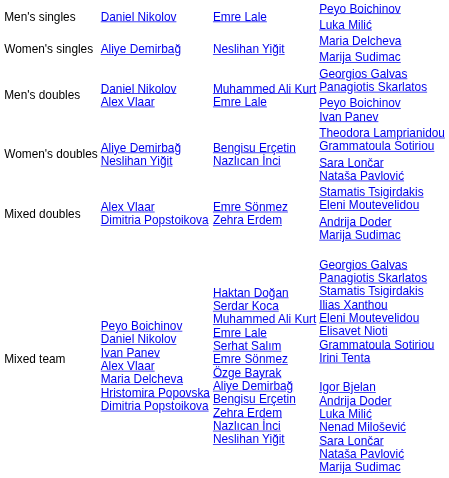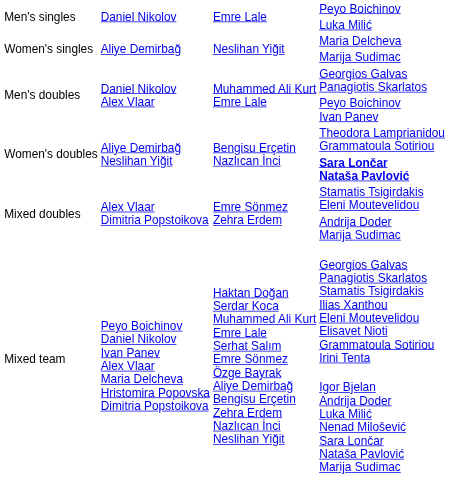 <table>
 <tr>
 <td rowspan="2">Men's singles</td>
 <td rowspan="2"> <a href='#'>Daniel Nikolov</a></td>
 <td rowspan="2"> <a href='#'>Emre Lale</a></td>
 <td> <a href='#'>Peyo Boichinov</a></td>
 </tr>
 <tr>
 <td> <a href='#'>Luka Milić</a></td>
 </tr>
 <tr>
 <td rowspan="2">Women's singles</td>
 <td rowspan="2"> <a href='#'>Aliye Demirbağ</a></td>
 <td rowspan="2"> <a href='#'>Neslihan Yiğit</a></td>
 <td> <a href='#'>Maria Delcheva</a></td>
 </tr>
 <tr>
 <td> <a href='#'>Marija Sudimac</a></td>
 </tr>
 <tr>
 <td rowspan="2">Men's doubles</td>
 <td rowspan="2"> <a href='#'>Daniel Nikolov</a><br> <a href='#'>Alex Vlaar</a></td>
 <td rowspan="2"> <a href='#'>Muhammed Ali Kurt</a><br> <a href='#'>Emre Lale</a></td>
 <td> <a href='#'>Georgios Galvas</a><br> <a href='#'>Panagiotis Skarlatos</a></td>
 </tr>
 <tr>
 <td> <a href='#'>Peyo Boichinov</a><br> <a href='#'>Ivan Panev</a></td>
 </tr>
 <tr>
 <td rowspan="2">Women's doubles</td>
 <td rowspan="2"> <a href='#'>Aliye Demirbağ</a><br> <a href='#'>Neslihan Yiğit</a></td>
 <td rowspan="2"> <a href='#'>Bengisu Erçetin</a><br> <a href='#'>Nazlıcan İnci</a></td>
 <td> <a href='#'>Theodora Lamprianidou</a><br> <a href='#'>Grammatoula Sotiriou</a></td>
 </tr>
 <tr>
-<td> <a href='#'>Sara Lončar</a><br> <a href='#'>Nataša Pavlović</a></td>
+<td><strong> <a href='#'>Sara Lončar</a><br> <a href='#'>Nataša Pavlović</a></strong></td>
 </tr>
 <tr>
 <td rowspan="2">Mixed doubles</td>
 <td rowspan="2"> <a href='#'>Alex Vlaar</a><br> <a href='#'>Dimitria Popstoikova</a></td>
 <td rowspan="2"> <a href='#'>Emre Sönmez</a><br> <a href='#'>Zehra Erdem</a></td>
 <td> <a href='#'>Stamatis Tsigirdakis</a><br> <a href='#'>Eleni Moutevelidou</a></td>
 </tr>
 <tr>
 <td> <a href='#'>Andrija Doder</a><br> <a href='#'>Marija Sudimac</a></td>
 </tr>
 <tr>
 <td rowspan="2">Mixed team</td>
 <td rowspan="2"><br><a href='#'>Peyo Boichinov</a><br><a href='#'>Daniel Nikolov</a><br><a href='#'>Ivan Panev</a><br><a href='#'>Alex Vlaar</a><br><a href='#'>Maria Delcheva</a><br><a href='#'>Hristomira Popovska</a><br><a href='#'>Dimitria Popstoikova</a></td>
 <td rowspan="2"><br><a href='#'>Haktan Doğan</a><br><a href='#'>Serdar Koca</a><br><a href='#'>Muhammed Ali Kurt</a><br><a href='#'>Emre Lale</a><br><a href='#'>Serhat Salım</a><br><a href='#'>Emre Sönmez</a><br><a href='#'>Özge Bayrak</a><br><a href='#'>Aliye Demirbağ</a><br><a href='#'>Bengisu Erçetin</a><br><a href='#'>Zehra Erdem</a><br><a href='#'>Nazlıcan İnci</a><br><a href='#'>Neslihan Yiğit</a></td>
 <td><br><a href='#'>Georgios Galvas</a><br><a href='#'>Panagiotis Skarlatos</a><br><a href='#'>Stamatis Tsigirdakis</a><br><a href='#'>Ilias Xanthou</a><br><a href='#'>Eleni Moutevelidou</a><br><a href='#'>Elisavet Nioti</a><br><a href='#'>Grammatoula Sotiriou</a><br><a href='#'>Irini Tenta</a></td>
 </tr>
 <tr>
 <td><br><a href='#'>Igor Bjelan</a><br><a href='#'>Andrija Doder</a><br><a href='#'>Luka Milić</a><br><a href='#'>Nenad Milošević</a><br><a href='#'>Sara Lončar</a><br><a href='#'>Nataša Pavlović</a><br><a href='#'>Marija Sudimac</a></td>
 </tr>
 </table>
